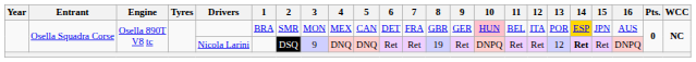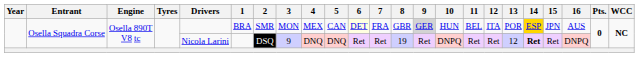 <table class="wikitable" style="text-align:center; font-size:85%">
 <tr>
 <th>Year</th>
 <th>Entrant</th>
 <th>Engine</th>
 <th>Tyres</th>
 <th>Drivers</th>
 <th>1</th>
 <th>2</th>
 <th>3</th>
 <th>4</th>
 <th>5</th>
 <th>6</th>
 <th>7</th>
 <th>8</th>
 <th>9</th>
 <th>10</th>
 <th>11</th>
 <th>12</th>
 <th>13</th>
 <th>14</th>
 <th>15</th>
 <th>16</th>
 <th>Pts.</th>
 <th>WCC</th>
 </tr>
 <tr>
 <td rowspan="2"></td>
 <td rowspan="2"><a href='#'>Osella Squadra Corse</a></td>
 <td rowspan="2"><a href='#'>Osella 890T</a><br><a href='#'>V8</a> <a href='#'>tc</a></td>
 <td rowspan="2"></td>
 <td></td>
 <td><a href='#'>BRA</a></td>
 <td><a href='#'>SMR</a></td>
 <td><a href='#'>MON</a></td>
 <td><a href='#'>MEX</a></td>
 <td><a href='#'>CAN</a></td>
-<td><a href='#'>DET</a></td>
+<td style="background: lightyellow;"><a href='#'>DET</a></td>
 <td><a href='#'>FRA</a></td>
 <td><a href='#'>GBR</a></td>
-<td><a href='#'>GER</a></td>
-<td style="background: pink;"><a href='#'>HUN</a></td>
+<td style="background: lightgrey;"><a href='#'>GER</a></td>
+<td><a href='#'>HUN</a></td>
 <td><a href='#'>BEL</a></td>
 <td><a href='#'>ITA</a></td>
 <td><a href='#'>POR</a></td>
 <td style="background: gold;"><a href='#'>ESP</a></td>
 <td><a href='#'>JPN</a></td>
 <td><a href='#'>AUS</a></td>
 <td rowspan="2"><strong>0</strong></td>
 <td rowspan="2"><strong>NC</strong></td>
 </tr>
 <tr>
 <td align="left"><a href='#'>Nicola Larini</a></td>
 <td></td>
 <td style="background:#000000; color:white">DSQ</td>
 <td style="background:#cfcfff;">9</td>
 <td style="background:#ffcfcf;">DNQ</td>
 <td style="background:#ffcfcf;">DNQ</td>
 <td style="background:#efcfff;">Ret</td>
 <td style="background:#efcfff;">Ret</td>
 <td style="background:#cfcfff;">19</td>
 <td style="background:#efcfff;">Ret</td>
 <td style="background:#ffcfcf;">DNPQ</td>
 <td style="background:#efcfff;">Ret</td>
 <td style="background:#efcfff;">Ret</td>
 <td style="background:#cfcfff;">12</td>
 <td style="background:#efcfff;"><strong>Ret</strong></td>
 <td style="background:#efcfff;">Ret</td>
 <td style="background:#ffcfcf;">DNPQ</td>
 </tr>
 <tr>
 <th colspan="23"></th>
 </tr>
 </table>
